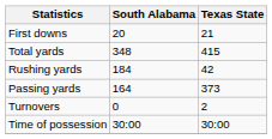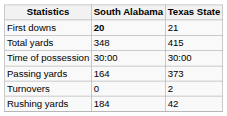 <table class="wikitable" style="float: right;">
 <tr>
 <th>Statistics</th>
 <th>South Alabama</th>
 <th>Texas State</th>
 </tr>
 <tr>
 <td>First downs</td>
-<td>20</td>
+<td><strong>20</strong></td>
 <td>21</td>
 </tr>
 <tr>
 <td>Total yards</td>
 <td>348</td>
 <td>415</td>
 </tr>
 <tr>
-<td>Rushing yards</td>
-<td>184</td>
-<td>42</td>
+<td>Time of possession</td>
+<td>30:00</td>
+<td>30:00</td>
 </tr>
 <tr>
 <td>Passing yards</td>
 <td>164</td>
 <td>373</td>
 </tr>
 <tr>
 <td>Turnovers</td>
 <td>0</td>
 <td>2</td>
 </tr>
 <tr>
-<td>Time of possession</td>
-<td>30:00</td>
-<td>30:00</td>
+<td>Rushing yards</td>
+<td>184</td>
+<td>42</td>
 </tr>
 <tr>
 </tr>
 </table>
